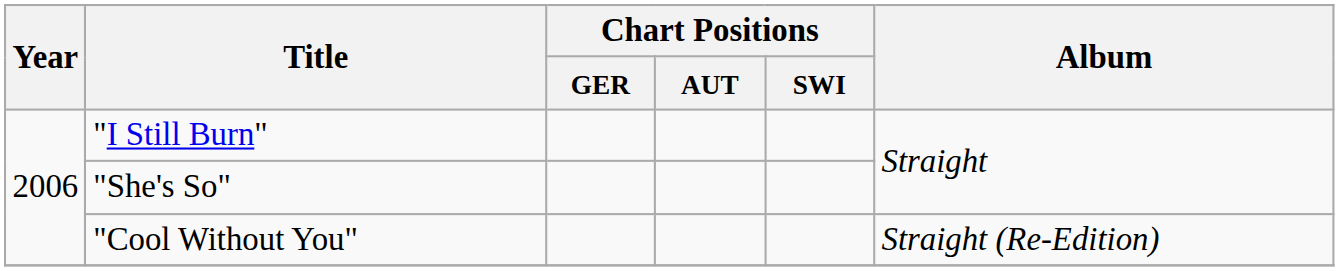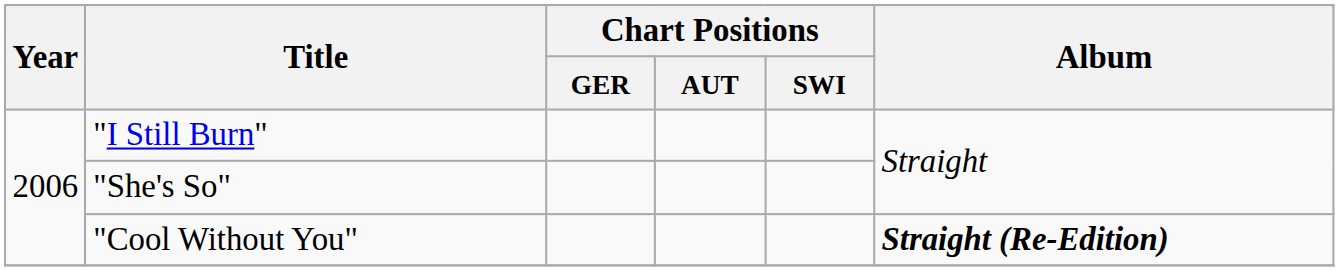 <table class="wikitable">
 <tr>
 <th width="28" rowspan="2"><strong>Year</strong></th>
 <th width="217" rowspan="2"><strong>Title</strong></th>
 <th colspan="3"><strong>Chart Positions</strong></th>
 <th width="217" rowspan="2"><strong>Album</strong></th>
 </tr>
 <tr>
 <th width="46"><small>GER</small></th>
 <th width="46"><small>AUT</small></th>
 <th width="46"><small>SWI</small></th>
 </tr>
 <tr>
 <td rowspan="3">2006</td>
 <td>"<a href='#'>I Still Burn</a>"</td>
 <td></td>
 <td></td>
 <td></td>
 <td rowspan="2"><em>Straight</em></td>
 </tr>
 <tr>
 <td>"She's So"</td>
 <td></td>
 <td></td>
 <td></td>
 </tr>
 <tr>
 <td>"Cool Without You"</td>
 <td></td>
 <td></td>
 <td></td>
-<td><em>Straight (Re-Edition)</em></td>
+<td><strong><em>Straight (Re-Edition)</em></strong></td>
 </tr>
 <tr>
 </tr>
 </table>
